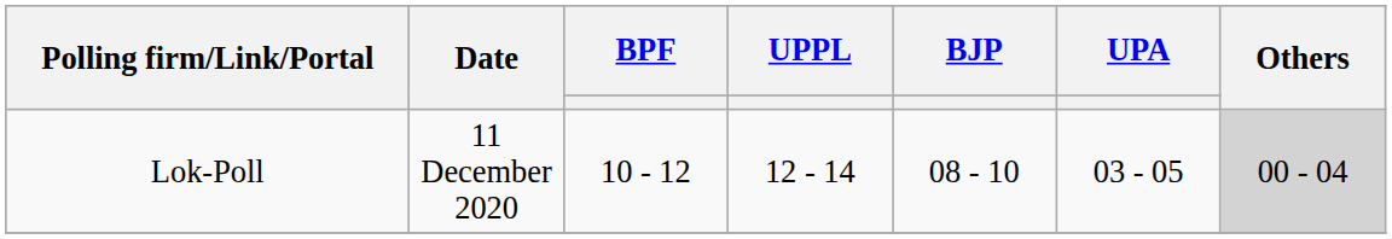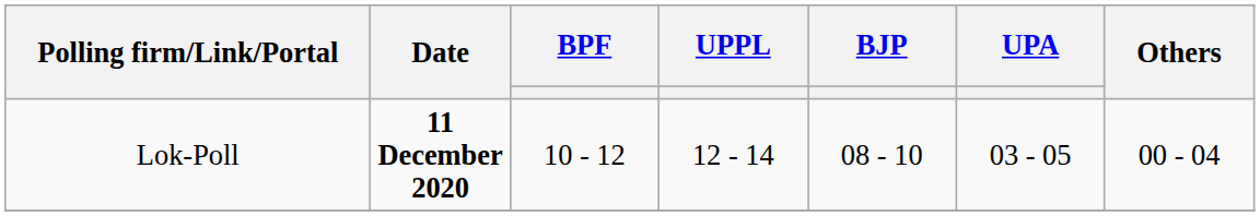 <table class="wikitable">
 <tr style="height:45px; background-color:#E9E9E9">
 <th style="width:195px;" rowspan="2">Polling firm/Link/Portal</th>
 <th style="width:70px;" rowspan="2">Date</th>
 <th style="width:75px;"><a href='#'>BPF</a></th>
 <th style="width:75px;"><a href='#'>UPPL</a></th>
 <th style="width:75px;"><a href='#'>BJP</a></th>
 <th style="width:75px;"><a href='#'>UPA</a></th>
 <th style="width:75px;" rowspan="2">Others</th>
 </tr>
 <tr>
 <th style="background:"></th>
 <th style="background:"></th>
 <th style="background:"></th>
 <th style="background:"></th>
 </tr>
 <tr style="text-align:center">
 <td>Lok-Poll</td>
-<td>11 December 2020</td>
+<td><strong>11 December 2020</strong></td>
 <td>10 - 12</td>
 <td>12 - 14</td>
 <td>08 - 10</td>
 <td>03 - 05</td>
-<td style="background: lightgrey;">00 - 04</td>
+<td>00 - 04</td>
 </tr>
 <tr>
 </tr>
 </table>
